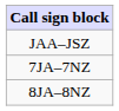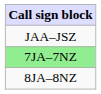 <table class=wikitable style="margin: 1em auto 1em auto;">
 <tr>
 <th style="background:#ddf;">Call sign block</th>
 </tr>
 <tr>
 <td style="text-align:center;">JAA–JSZ</td>
 </tr>
 <tr>
-<td style="text-align:center;">7JA–7NZ</td>
+<td style="background: lightgreen; text-align:center;">7JA–7NZ</td>
 </tr>
 <tr>
 <td style="text-align:center;">8JA–8NZ</td>
 </tr>
 </table>
